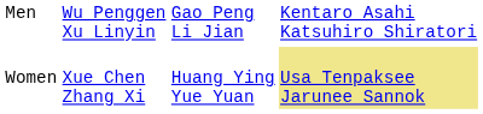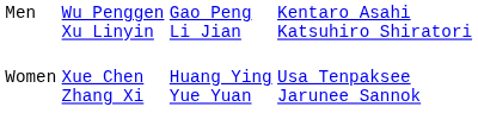 <table>
 <tr>
 <td>Men<br></td>
 <td><br><a href='#'>Wu Penggen</a><br><a href='#'>Xu Linyin</a></td>
 <td><br><a href='#'>Gao Peng</a><br><a href='#'>Li Jian</a></td>
 <td><br><a href='#'>Kentaro Asahi</a><br><a href='#'>Katsuhiro Shiratori</a></td>
 </tr>
 <tr>
 <td>Women<br></td>
 <td><br><a href='#'>Xue Chen</a><br><a href='#'>Zhang Xi</a></td>
 <td><br><a href='#'>Huang Ying</a><br><a href='#'>Yue Yuan</a></td>
-<td style="background: khaki;"><br><a href='#'>Usa Tenpaksee</a><br><a href='#'>Jarunee Sannok</a></td>
+<td><br><a href='#'>Usa Tenpaksee</a><br><a href='#'>Jarunee Sannok</a></td>
 </tr>
 </table>
